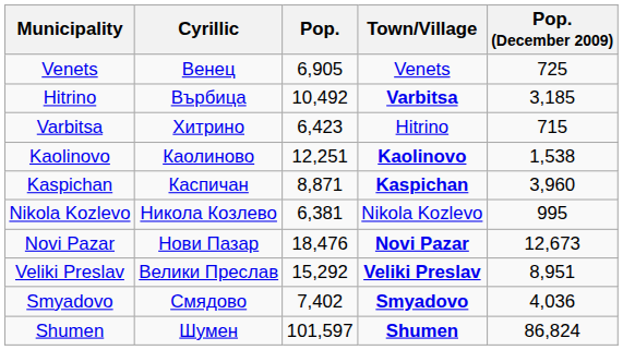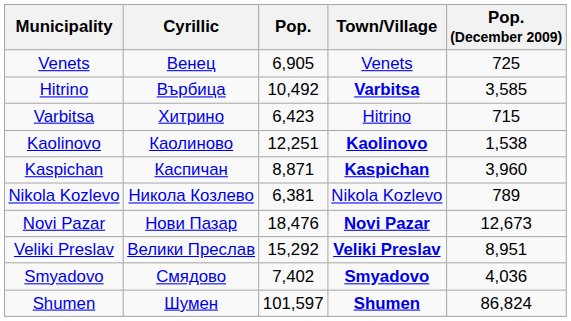 <table class="wikitable sortable">
 <tr>
 <th>Municipality</th>
 <th>Cyrillic</th>
 <th>Pop.</th>
 <th>Town/Village</th>
 <th>Pop.<br><small>(December 2009)</small></th>
 </tr>
 <tr>
 <td align="center"><a href='#'>Venets</a></td>
 <td align="center"><a href='#'>Венец</a></td>
 <td align="center">6,905</td>
 <td align="center"><a href='#'>Venets</a></td>
 <td align="center">725</td>
 </tr>
 <tr>
 <td align="center"><a href='#'>Hitrino</a></td>
 <td align="center"><a href='#'>Върбица</a></td>
 <td align="center">10,492</td>
 <td align="center"><strong><a href='#'>Varbitsa</a></strong></td>
-<td align="center">3,185</td>
+<td align="center">3,585</td>
 </tr>
 <tr>
 <td align="center"><a href='#'>Varbitsa</a></td>
 <td align="center"><a href='#'>Хитрино</a></td>
 <td align="center">6,423</td>
 <td align="center"><a href='#'>Hitrino</a></td>
 <td align="center">715</td>
 </tr>
 <tr>
 <td align="center"><a href='#'>Kaolinovo</a></td>
 <td align="center"><a href='#'>Каолиново</a></td>
 <td align="center">12,251</td>
 <td align="center"><strong><a href='#'>Kaolinovo</a></strong></td>
 <td align="center">1,538</td>
 </tr>
 <tr>
 <td align="center"><a href='#'>Kaspichan</a></td>
 <td align="center"><a href='#'>Каспичан</a></td>
 <td align="center">8,871</td>
 <td align="center"><strong><a href='#'>Kaspichan</a></strong></td>
 <td align="center">3,960</td>
 </tr>
 <tr>
 <td align="center"><a href='#'>Nikola Kozlevo</a></td>
 <td align="center"><a href='#'>Никола Козлево</a></td>
 <td align="center">6,381</td>
 <td align="center"><a href='#'>Nikola Kozlevo</a></td>
-<td align="center">995</td>
+<td align="center">789</td>
 </tr>
 <tr>
 <td align="center"><a href='#'>Novi Pazar</a></td>
 <td align="center"><a href='#'>Нови Пазар</a></td>
 <td align="center">18,476</td>
 <td align="center"><strong><a href='#'>Novi Pazar</a></strong></td>
 <td align="center">12,673</td>
 </tr>
 <tr>
 <td align="center"><a href='#'>Veliki Preslav</a></td>
 <td align="center"><a href='#'>Велики Преслав</a></td>
 <td align="center">15,292</td>
 <td align="center"><strong><a href='#'>Veliki Preslav</a></strong></td>
 <td align="center">8,951</td>
 </tr>
 <tr>
 <td align="center"><a href='#'>Smyadovo</a></td>
 <td align="center"><a href='#'>Смядово</a></td>
 <td align="center">7,402</td>
 <td align="center"><strong><a href='#'>Smyadovo</a></strong></td>
 <td align="center">4,036</td>
 </tr>
 <tr>
 <td align="center"><a href='#'>Shumen</a></td>
 <td align="center"><a href='#'>Шумен</a></td>
 <td align="center">101,597</td>
 <td align="center"><strong><a href='#'>Shumen</a></strong></td>
 <td align="center">86,824</td>
 </tr>
 </table>
